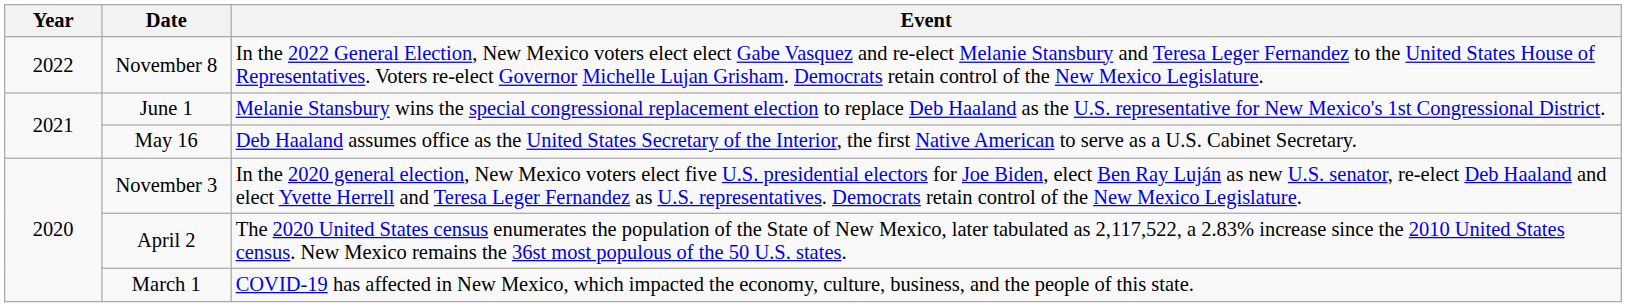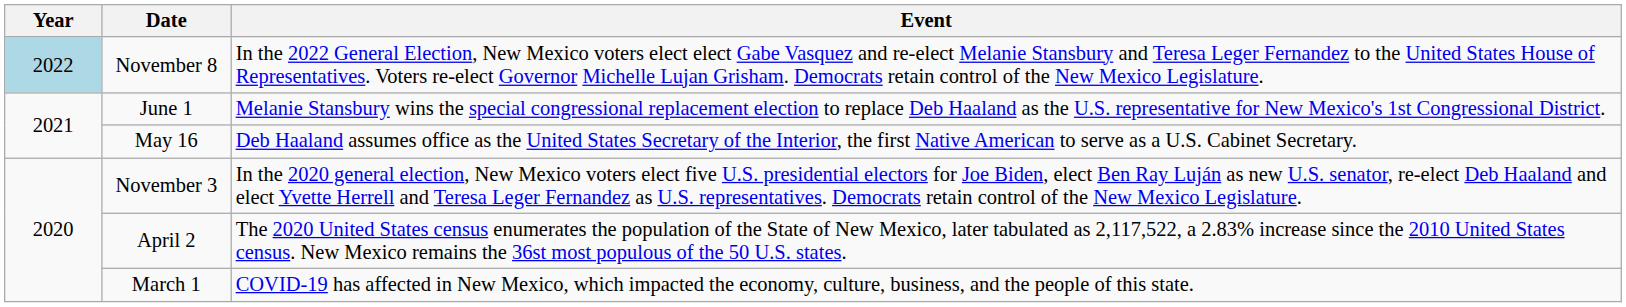 <table class="wikitable" style="width:100%;">
 <tr>
 <th style="width:6%">Year</th>
 <th style="width:8%">Date</th>
 <th style="width:86%">Event</th>
 </tr>
 <tr>
-<td align=center rowspan=1>2022</td>
+<td align=center rowspan=1 style="background: lightblue;">2022</td>
 <td align=center>November 8</td>
 <td>In the <a href='#'>2022 General Election</a>, New Mexico voters elect elect <a href='#'>Gabe Vasquez</a> and re-elect <a href='#'>Melanie Stansbury</a> and <a href='#'>Teresa Leger Fernandez</a> to the <a href='#'>United States House of Representatives</a>. Voters re-elect <a href='#'>Governor</a> <a href='#'>Michelle Lujan Grisham</a>. <a href='#'>Democrats</a> retain control of the <a href='#'>New Mexico Legislature</a>.</td>
 </tr>
 <tr>
 <td align=center rowspan=2>2021</td>
 <td align=center>June 1</td>
 <td><a href='#'>Melanie Stansbury</a> wins the <a href='#'>special congressional replacement election</a> to replace <a href='#'>Deb Haaland</a> as the <a href='#'>U.S. representative for New Mexico's 1st Congressional District</a>.</td>
 </tr>
 <tr>
 <td align=center>May 16</td>
 <td><a href='#'>Deb Haaland</a> assumes office as the <a href='#'>United States Secretary of the Interior</a>, the first <a href='#'>Native American</a> to serve as a U.S. Cabinet Secretary.</td>
 </tr>
 <tr>
 <td align=center rowspan=3>2020</td>
 <td align=center>November 3</td>
 <td>In the <a href='#'>2020 general election</a>, New Mexico voters elect five <a href='#'>U.S. presidential electors</a> for <a href='#'>Joe Biden</a>, elect <a href='#'>Ben Ray Luján</a> as new <a href='#'>U.S. senator</a>, re-elect <a href='#'>Deb Haaland</a> and elect <a href='#'>Yvette Herrell</a> and <a href='#'>Teresa Leger Fernandez</a> as <a href='#'>U.S. representatives</a>.  <a href='#'>Democrats</a> retain control of the <a href='#'>New Mexico Legislature</a>.</td>
 </tr>
 <tr>
 <td align=center>April 2</td>
 <td>The <a href='#'>2020 United States census</a> enumerates the population of the State of New Mexico, later tabulated as 2,117,522, a 2.83% increase since the <a href='#'>2010 United States census</a>. New Mexico remains the <a href='#'>36st most populous of the 50 U.S. states</a>.</td>
 </tr>
 <tr>
 <td align=center>March 1</td>
 <td><a href='#'>COVID-19</a> has affected in New Mexico, which impacted the economy, culture, business, and the people of this state.</td>
 </tr>
 </table>
